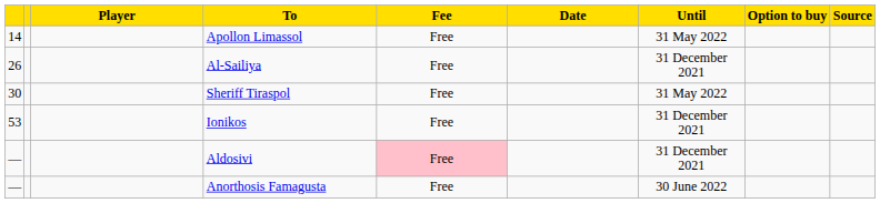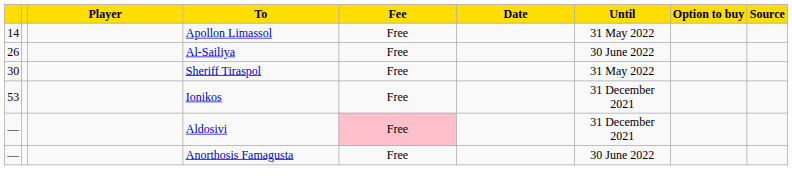 <table class="wikitable sortable">
 <tr>
 <th style="background:#FFDE00"></th>
 <th style="background:#FFDE00"></th>
 <th width=200 style="background:#FFDE00">Player</th>
 <th width=200 style="background:#FFDE00">To</th>
 <th width=150 style="background:#FFDE00">Fee</th>
 <th width=150 style="background:#FFDE00">Date</th>
 <th width=120 style="background:#FFDE00">Until</th>
 <th style="background:#FFDE00">Option to buy</th>
 <th style="background:#FFDE00">Source</th>
 </tr>
 <tr>
 <td align=center>14</td>
 <td align=center></td>
 <td></td>
 <td> <a href='#'>Apollon Limassol</a></td>
 <td align=center>Free</td>
 <td align=center></td>
 <td align=center>31 May 2022</td>
 <td align=center></td>
 <td align=center></td>
 </tr>
 <tr>
 <td align=center>26</td>
 <td align=center></td>
 <td></td>
 <td> <a href='#'>Al-Sailiya</a></td>
 <td align=center>Free</td>
 <td align=center></td>
-<td align=center>31 December 2021</td>
+<td align=center>30 June 2022</td>
 <td align=center></td>
 <td align=center></td>
 </tr>
 <tr>
 <td align=center>30</td>
 <td align=center></td>
 <td></td>
 <td> <a href='#'>Sheriff Tiraspol</a></td>
 <td align=center>Free</td>
 <td align=center></td>
 <td align=center>31 May 2022</td>
 <td align=center></td>
 <td align=center></td>
 </tr>
 <tr>
 <td align=center>53</td>
 <td align=center></td>
 <td></td>
 <td> <a href='#'>Ionikos</a></td>
 <td align=center>Free</td>
 <td align=center></td>
 <td align=center>31 December 2021</td>
 <td align=center></td>
 <td align=center></td>
 </tr>
 <tr>
 <td align=center>—</td>
 <td align=center></td>
 <td></td>
 <td> <a href='#'>Aldosivi</a></td>
 <td align=center style="background: pink;">Free</td>
 <td align=center></td>
 <td align=center>31 December 2021</td>
 <td align=center></td>
 <td align=center></td>
 </tr>
 <tr>
 <td align=center>—</td>
 <td align=center></td>
 <td></td>
 <td> <a href='#'>Anorthosis Famagusta</a></td>
 <td align=center>Free</td>
 <td align=center></td>
 <td align=center>30 June 2022</td>
 <td align=center></td>
 <td align=center></td>
 </tr>
 </table>
